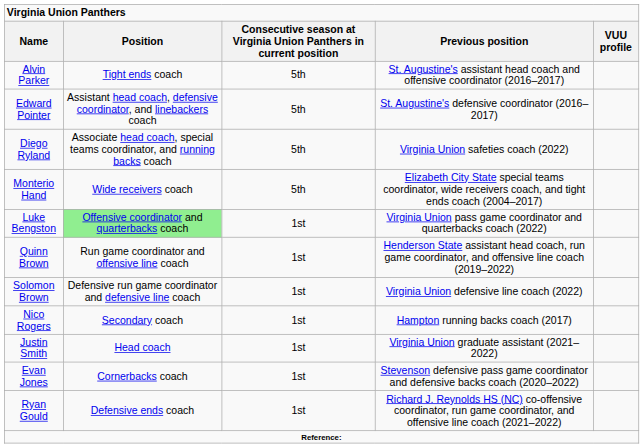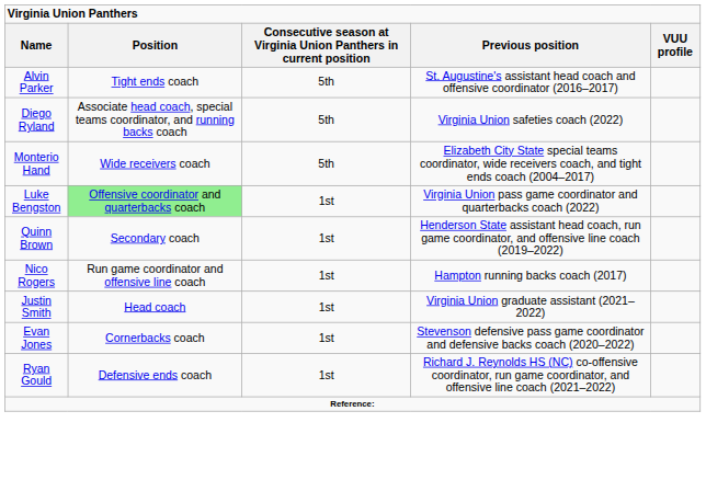 <table class="wikitable" style="font-size:90%;">
 <tr>
 <td colspan=5><strong>Virginia Union Panthers</strong></td>
 </tr>
 <tr align="center";>
 <th>Name</th>
 <th>Position</th>
 <th>Consecutive season at Virginia Union Panthers in current position</th>
 <th>Previous position</th>
 <th>VUU profile</th>
 </tr>
 <tr align="center";>
 <td><a href='#'>Alvin Parker</a></td>
 <td><a href='#'>Tight ends</a> coach</td>
 <td>5th</td>
 <td><a href='#'>St. Augustine's</a> assistant head coach and offensive coordinator (2016–2017)</td>
-<td></td>
-</tr>
-<tr align="center";>
-<td><a href='#'>Edward Pointer</a></td>
-<td>Assistant <a href='#'>head coach</a>, <a href='#'>defensive coordinator</a>, and <a href='#'>linebackers</a> coach</td>
-<td>5th</td>
-<td><a href='#'>St. Augustine's</a> defensive coordinator (2016–2017)</td>
 <td></td>
 </tr>
 <tr align="center";>
 <td><a href='#'>Diego Ryland</a></td>
 <td>Associate <a href='#'>head coach</a>, special teams coordinator, and <a href='#'>running backs</a> coach</td>
 <td>5th</td>
 <td><a href='#'>Virginia Union</a> safeties coach (2022)</td>
 <td></td>
 </tr>
 <tr align="center";>
 <td><a href='#'>Monterio Hand</a></td>
 <td><a href='#'>Wide receivers</a> coach</td>
 <td>5th</td>
 <td><a href='#'>Elizabeth City State</a> special teams coordinator, wide receivers coach, and tight ends coach (2004–2017)</td>
 <td></td>
 </tr>
 <tr align="center";>
 <td><a href='#'>Luke Bengston</a></td>
 <td style="background: lightgreen;"><a href='#'>Offensive coordinator</a> and <a href='#'>quarterbacks</a> coach</td>
 <td>1st</td>
 <td><a href='#'>Virginia Union</a> pass game coordinator and quarterbacks coach (2022)</td>
 <td></td>
 </tr>
 <tr align="center";>
 <td><a href='#'>Quinn Brown</a></td>
-<td>Run game coordinator and <a href='#'>offensive line</a> coach</td>
+<td><a href='#'>Secondary</a> coach</td>
 <td>1st</td>
 <td><a href='#'>Henderson State</a> assistant head coach, run game coordinator, and offensive line coach (2019–2022)</td>
 <td></td>
 </tr>
 <tr align="center";>
-<td><a href='#'>Solomon Brown</a></td>
-<td>Defensive run game coordinator and <a href='#'>defensive line</a> coach</td>
-<td>1st</td>
-<td><a href='#'>Virginia Union</a> defensive line coach (2022)</td>
-<td></td>
-</tr>
-<tr align="center";>
 <td><a href='#'>Nico Rogers</a></td>
-<td><a href='#'>Secondary</a> coach</td>
+<td>Run game coordinator and <a href='#'>offensive line</a> coach</td>
 <td>1st</td>
 <td><a href='#'>Hampton</a> running backs coach (2017)</td>
 <td></td>
 </tr>
 <tr align="center";>
 <td><a href='#'>Justin Smith</a></td>
 <td><a href='#'>Head coach</a></td>
 <td>1st</td>
 <td><a href='#'>Virginia Union</a> graduate assistant (2021–2022)</td>
 <td></td>
 </tr>
 <tr align="center";>
 <td><a href='#'>Evan Jones</a></td>
 <td><a href='#'>Cornerbacks</a> coach</td>
 <td>1st</td>
 <td><a href='#'>Stevenson</a> defensive pass game coordinator and defensive backs coach (2020–2022)</td>
 <td></td>
 </tr>
 <tr align="center" ;>
 <td><a href='#'>Ryan Gould</a></td>
 <td><a href='#'>Defensive ends</a> coach</td>
 <td>1st</td>
 <td><a href='#'>Richard J. Reynolds HS (NC)</a> co-offensive coordinator, run game coordinator, and offensive line coach (2021–2022)</td>
 <td></td>
 </tr>
 <tr>
 <td colspan="5" style="font-size:8pt; text-align:center;"><strong>Reference:</strong></td>
 </tr>
 </table>
